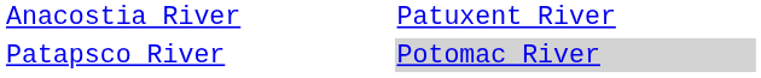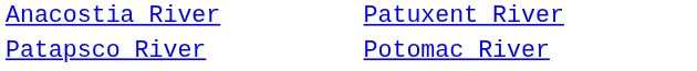 <table style="width: 30%; border: none; text-align: left;">
 <tr>
 <td><a href='#'>Anacostia River</a></td>
 <td><a href='#'>Patuxent River</a></td>
 </tr>
 <tr>
 <td><a href='#'>Patapsco River</a></td>
-<td style="background: lightgrey;"><a href='#'>Potomac River</a></td>
+<td><a href='#'>Potomac River</a></td>
 </tr>
 </table>
